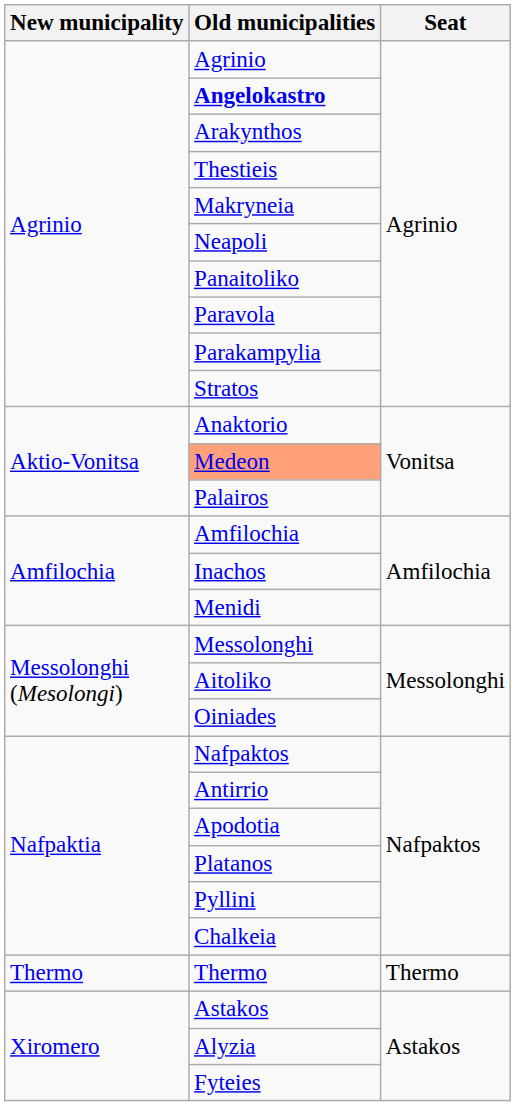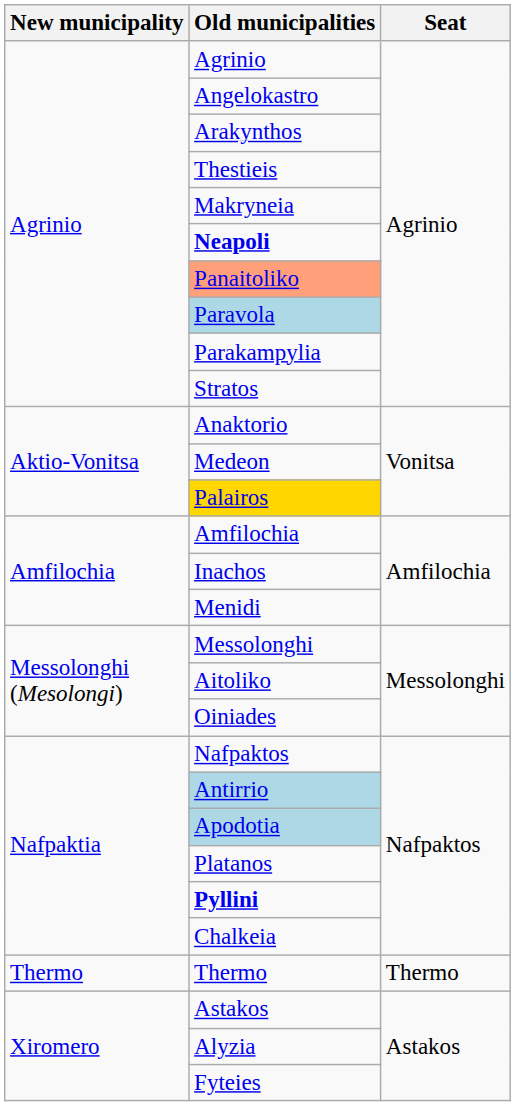 <table class="wikitable">
 <tr>
 <th>New municipality</th>
 <th>Old municipalities</th>
 <th>Seat</th>
 </tr>
 <tr>
 <td rowspan=10><a href='#'>Agrinio</a></td>
 <td><a href='#'>Agrinio</a></td>
 <td rowspan=10>Agrinio</td>
 </tr>
 <tr>
-<td><strong><a href='#'>Angelokastro</a></strong></td>
+<td><a href='#'>Angelokastro</a></td>
 </tr>
 <tr>
 <td><a href='#'>Arakynthos</a></td>
 </tr>
 <tr>
 <td><a href='#'>Thestieis</a></td>
 </tr>
 <tr>
 <td><a href='#'>Makryneia</a></td>
 </tr>
 <tr>
-<td><a href='#'>Neapoli</a></td>
+<td><strong><a href='#'>Neapoli</a></strong></td>
 </tr>
 <tr>
-<td><a href='#'>Panaitoliko</a></td>
+<td style="background: lightsalmon;"><a href='#'>Panaitoliko</a></td>
 </tr>
 <tr>
-<td><a href='#'>Paravola</a></td>
+<td style="background: lightblue;"><a href='#'>Paravola</a></td>
 </tr>
 <tr>
 <td><a href='#'>Parakampylia</a></td>
 </tr>
 <tr>
 <td><a href='#'>Stratos</a></td>
 </tr>
 <tr>
 <td rowspan=3><a href='#'>Aktio-Vonitsa</a></td>
 <td><a href='#'>Anaktorio</a></td>
 <td rowspan=3>Vonitsa</td>
 </tr>
 <tr>
-<td style="background: lightsalmon;"><a href='#'>Medeon</a></td>
+<td><a href='#'>Medeon</a></td>
 </tr>
 <tr>
-<td><a href='#'>Palairos</a></td>
+<td style="background: gold;"><a href='#'>Palairos</a></td>
 </tr>
 <tr>
 <td rowspan=3><a href='#'>Amfilochia</a></td>
 <td><a href='#'>Amfilochia</a></td>
 <td rowspan=3>Amfilochia</td>
 </tr>
 <tr>
 <td><a href='#'>Inachos</a></td>
 </tr>
 <tr>
 <td><a href='#'>Menidi</a></td>
 </tr>
 <tr>
 <td rowspan=3><a href='#'>Messolonghi</a> <br>(<em>Mesolongi</em>)</td>
 <td><a href='#'>Messolonghi</a></td>
 <td rowspan=3>Messolonghi</td>
 </tr>
 <tr>
 <td><a href='#'>Aitoliko</a></td>
 </tr>
 <tr>
 <td><a href='#'>Oiniades</a></td>
 </tr>
 <tr>
 <td rowspan=6><a href='#'>Nafpaktia</a></td>
 <td><a href='#'>Nafpaktos</a></td>
 <td rowspan=6>Nafpaktos</td>
 </tr>
 <tr>
-<td><a href='#'>Antirrio</a></td>
+<td style="background: lightblue;"><a href='#'>Antirrio</a></td>
 </tr>
 <tr>
-<td><a href='#'>Apodotia</a></td>
+<td style="background: lightblue;"><a href='#'>Apodotia</a></td>
 </tr>
 <tr>
 <td><a href='#'>Platanos</a></td>
 </tr>
 <tr>
-<td><a href='#'>Pyllini</a></td>
+<td><strong><a href='#'>Pyllini</a></strong></td>
 </tr>
 <tr>
 <td><a href='#'>Chalkeia</a></td>
 </tr>
 <tr>
 <td><a href='#'>Thermo</a></td>
 <td><a href='#'>Thermo</a></td>
 <td>Thermo</td>
 </tr>
 <tr>
 <td rowspan=3><a href='#'>Xiromero</a></td>
 <td><a href='#'>Astakos</a></td>
 <td rowspan=3>Astakos</td>
 </tr>
 <tr>
 <td><a href='#'>Alyzia</a></td>
 </tr>
 <tr>
 <td><a href='#'>Fyteies</a></td>
 </tr>
 </table>
